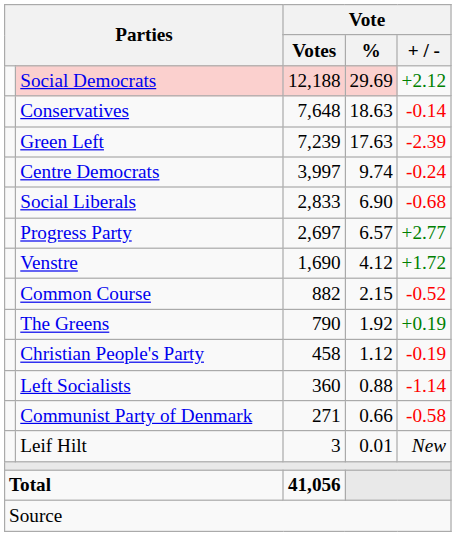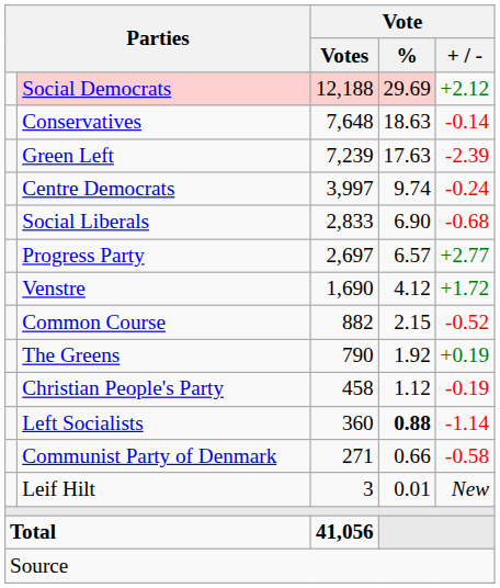 <table class="wikitable" style="text-align:right;">
 <tr>
 <th style="text-align:centre;" rowspan="2" colspan="2" width="225">Parties</th>
 <th colspan="3">Vote</th>
 </tr>
 <tr>
 <th width="15">Votes</th>
 <th width="15">%</th>
 <th width="15">+ / -</th>
 </tr>
 <tr>
 <td width="2" style="color:inherit;background:"></td>
 <td bgcolor=#fbd0ce  align="left"><a href='#'>Social Democrats</a></td>
 <td bgcolor=#fbd0ce>12,188</td>
 <td bgcolor=#fbd0ce>29.69</td>
 <td style=color:green;>+2.12</td>
 </tr>
 <tr>
 <td width="2" style="color:inherit;background:"></td>
 <td align="left"><a href='#'>Conservatives</a></td>
 <td>7,648</td>
 <td>18.63</td>
 <td style=color:red;>-0.14</td>
 </tr>
 <tr>
 <td width="2" style="color:inherit;background:"></td>
 <td align="left"><a href='#'>Green Left</a></td>
 <td>7,239</td>
 <td>17.63</td>
 <td style=color:red;>-2.39</td>
 </tr>
 <tr>
 <td width="2" style="color:inherit;background:"></td>
 <td align="left"><a href='#'>Centre Democrats</a></td>
 <td>3,997</td>
 <td>9.74</td>
 <td style=color:red;>-0.24</td>
 </tr>
 <tr>
 <td width="2" style="color:inherit;background:"></td>
 <td align="left"><a href='#'>Social Liberals</a></td>
 <td>2,833</td>
 <td>6.90</td>
 <td style=color:red;>-0.68</td>
 </tr>
 <tr>
 <td width="2" style="color:inherit;background:"></td>
 <td align="left"><a href='#'>Progress Party</a></td>
 <td>2,697</td>
 <td>6.57</td>
 <td style=color:green;>+2.77</td>
 </tr>
 <tr>
 <td width="2" style="color:inherit;background:"></td>
 <td align="left"><a href='#'>Venstre</a></td>
 <td>1,690</td>
 <td>4.12</td>
 <td style=color:green;>+1.72</td>
 </tr>
 <tr>
 <td width="2" style="color:inherit;background:"></td>
 <td align="left"><a href='#'>Common Course</a></td>
 <td>882</td>
 <td>2.15</td>
 <td style=color:red;>-0.52</td>
 </tr>
 <tr>
 <td width="2" style="color:inherit;background:"></td>
 <td align="left"><a href='#'>The Greens</a></td>
 <td>790</td>
 <td>1.92</td>
 <td style=color:green;>+0.19</td>
 </tr>
 <tr>
 <td width="2" style="color:inherit;background:"></td>
 <td align="left"><a href='#'>Christian People's Party</a></td>
 <td>458</td>
 <td>1.12</td>
 <td style=color:red;>-0.19</td>
 </tr>
 <tr>
 <td width="2" style="color:inherit;background:"></td>
 <td align="left"><a href='#'>Left Socialists</a></td>
 <td>360</td>
-<td>0.88</td>
+<td><strong>0.88</strong></td>
 <td style=color:red;>-1.14</td>
 </tr>
 <tr>
 <td width="2" style="color:inherit;background:"></td>
 <td align="left"><a href='#'>Communist Party of Denmark</a></td>
 <td>271</td>
 <td>0.66</td>
 <td style=color:red;>-0.58</td>
 </tr>
 <tr>
 <td width="2" style="color:inherit;background:"></td>
 <td align="left">Leif Hilt</td>
 <td>3</td>
 <td>0.01</td>
 <td><em>New</em></td>
 </tr>
 <tr>
 <td colspan="7" bgcolor="#E9E9E9"></td>
 </tr>
 <tr>
 <td align="left" colspan="2"><strong>Total</strong></td>
 <td><strong>41,056</strong></td>
 <td bgcolor="#E9E9E9" colspan="2"></td>
 </tr>
 <tr>
 <td align="left" colspan="6">Source</td>
 </tr>
 </table>
